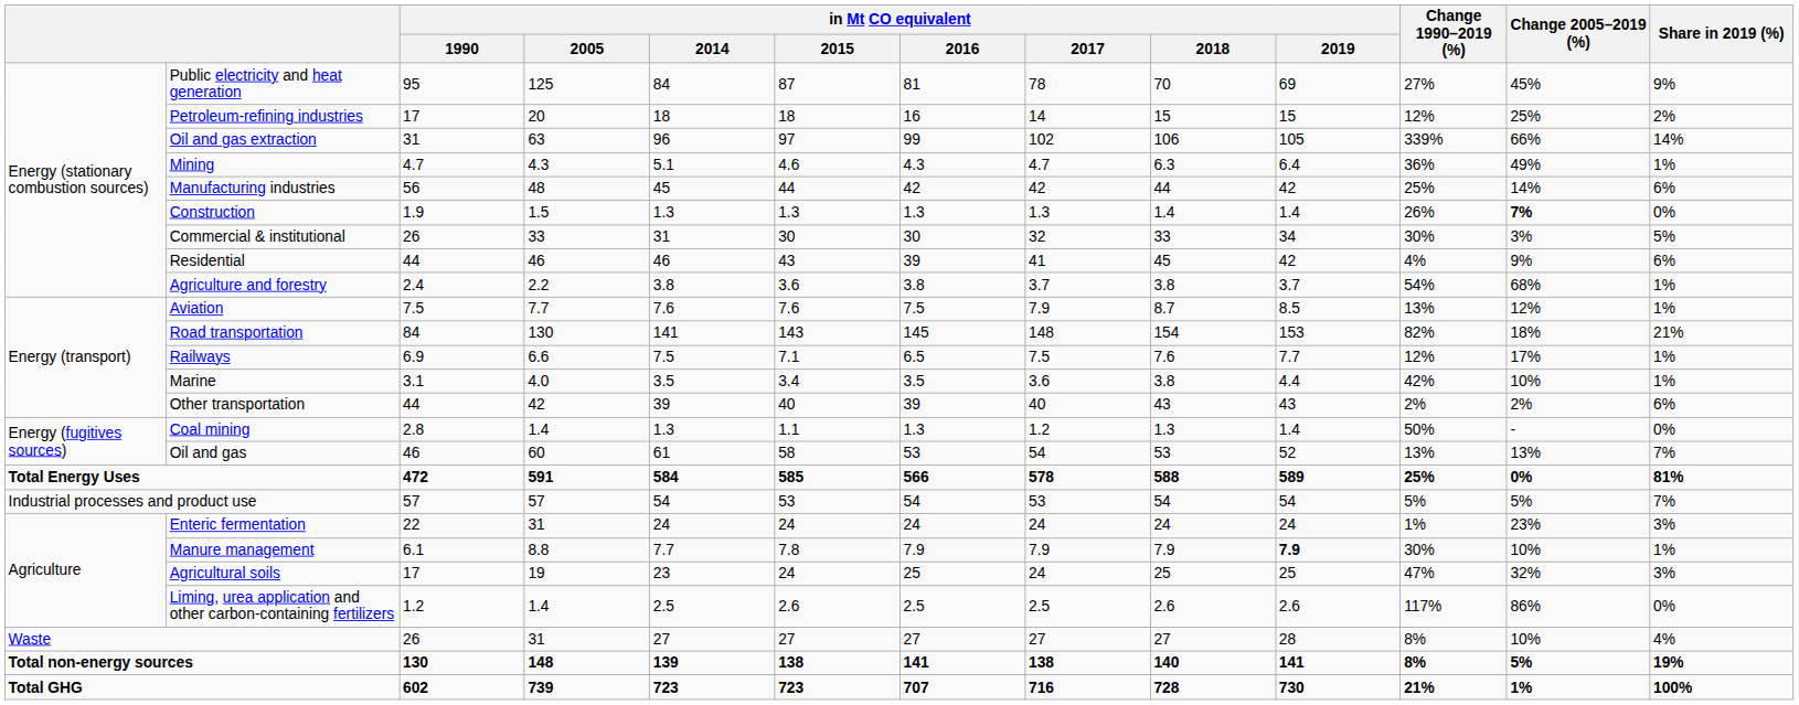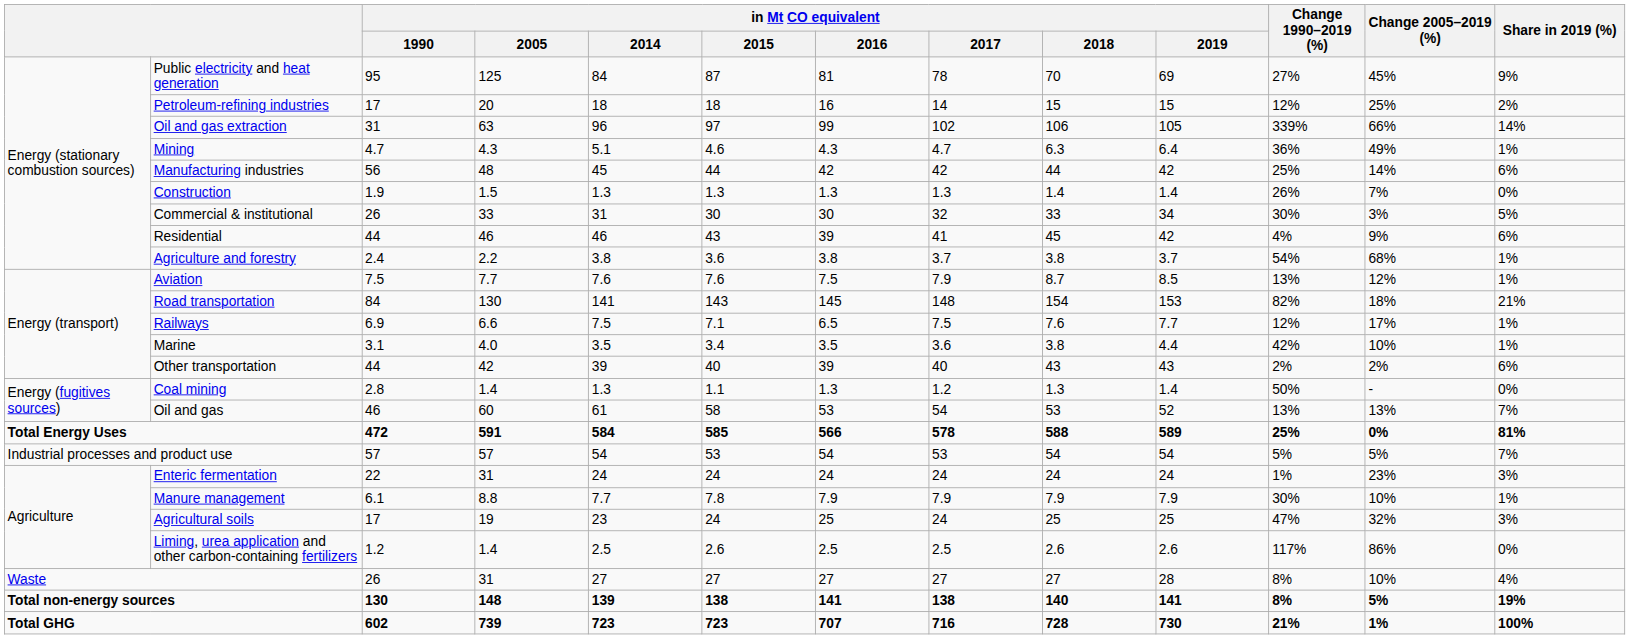 <table class="wikitable centre" style="text-align:left; width:95%;">
 <tr>
 <th colspan="2" rowspan="2"></th>
 <th colspan="8" scope="col" width="56%">in <a href='#'>Mt</a> <a href='#'>CO equivalent</a></th>
 <th rowspan="2">Change 1990–2019 (%)</th>
 <th rowspan="2" scope="col" width="8%">Change 2005–2019 (%)</th>
 <th rowspan="2" scope="col" width="8%">Share in 2019 (%)</th>
 </tr>
 <tr>
 <th scope="col" width="7%">1990</th>
 <th scope="col" width="7%">2005</th>
 <th scope="col" width="7%">2014</th>
 <th scope="col" width="7%">2015</th>
 <th scope="col" width="7%">2016</th>
 <th scope="col" width="7%">2017</th>
 <th scope="col" width="7%">2018</th>
 <th scope="col" width="7%">2019</th>
 </tr>
 <tr>
 <td rowspan="9">Energy (stationary combustion sources)</td>
 <td scope="row" align="left">Public <a href='#'>electricity</a> and <a href='#'>heat generation</a></td>
 <td>95</td>
 <td>125</td>
 <td>84</td>
 <td>87</td>
 <td>81</td>
 <td>78</td>
 <td>70</td>
 <td>69</td>
 <td> 27%</td>
 <td> 45%</td>
 <td>9%</td>
 </tr>
 <tr>
 <td scope="row" align="left"><a href='#'>Petroleum-refining industries</a></td>
 <td>17</td>
 <td>20</td>
 <td>18</td>
 <td>18</td>
 <td>16</td>
 <td>14</td>
 <td>15</td>
 <td>15</td>
 <td> 12%</td>
 <td> 25%</td>
 <td>2%</td>
 </tr>
 <tr>
 <td scope="row" align="left"><a href='#'>Oil and gas extraction</a></td>
 <td>31</td>
 <td>63</td>
 <td>96</td>
 <td>97</td>
 <td>99</td>
 <td>102</td>
 <td>106</td>
 <td>105</td>
 <td> 339%</td>
 <td> 66%</td>
 <td>14%</td>
 </tr>
 <tr>
 <td><a href='#'>Mining</a></td>
 <td>4.7</td>
 <td>4.3</td>
 <td>5.1</td>
 <td>4.6</td>
 <td>4.3</td>
 <td>4.7</td>
 <td>6.3</td>
 <td>6.4</td>
 <td> 36%</td>
 <td> 49%</td>
 <td>1%</td>
 </tr>
 <tr>
 <td><a href='#'>Manufacturing</a> industries</td>
 <td>56</td>
 <td>48</td>
 <td>45</td>
 <td>44</td>
 <td>42</td>
 <td>42</td>
 <td>44</td>
 <td>42</td>
 <td> 25%</td>
 <td> 14%</td>
 <td>6%</td>
 </tr>
 <tr>
 <td><a href='#'>Construction</a></td>
 <td>1.9</td>
 <td>1.5</td>
 <td>1.3</td>
 <td>1.3</td>
 <td>1.3</td>
 <td>1.3</td>
 <td>1.4</td>
 <td>1.4</td>
 <td> 26%</td>
-<td><strong> 7%</strong></td>
+<td> 7%</td>
 <td>0%</td>
 </tr>
 <tr>
 <td scope="row" align="left">Commercial & institutional</td>
 <td>26</td>
 <td>33</td>
 <td>31</td>
 <td>30</td>
 <td>30</td>
 <td>32</td>
 <td>33</td>
 <td>34</td>
 <td> 30%</td>
 <td> 3%</td>
 <td>5%</td>
 </tr>
 <tr>
 <td scope="row" align="left">Residential</td>
 <td>44</td>
 <td>46</td>
 <td>46</td>
 <td>43</td>
 <td>39</td>
 <td>41</td>
 <td>45</td>
 <td>42</td>
 <td> 4%</td>
 <td> 9%</td>
 <td>6%</td>
 </tr>
 <tr>
 <td scope="row" align="left"><a href='#'>Agriculture and forestry</a></td>
 <td>2.4</td>
 <td>2.2</td>
 <td>3.8</td>
 <td>3.6</td>
 <td>3.8</td>
 <td>3.7</td>
 <td>3.8</td>
 <td>3.7</td>
 <td> 54%</td>
 <td> 68%</td>
 <td>1%</td>
 </tr>
 <tr>
 <td rowspan="5">Energy (transport)</td>
 <td scope="row" align="left"><a href='#'>Aviation</a></td>
 <td>7.5</td>
 <td>7.7</td>
 <td>7.6</td>
 <td>7.6</td>
 <td>7.5</td>
 <td>7.9</td>
 <td>8.7</td>
 <td>8.5</td>
 <td> 13%</td>
 <td> 12%</td>
 <td>1%</td>
 </tr>
 <tr>
 <td><a href='#'>Road transportation</a></td>
 <td>84</td>
 <td>130</td>
 <td>141</td>
 <td>143</td>
 <td>145</td>
 <td>148</td>
 <td>154</td>
 <td>153</td>
 <td> 82%</td>
 <td> 18%</td>
 <td>21%</td>
 </tr>
 <tr>
 <td><a href='#'>Railways</a></td>
 <td>6.9</td>
 <td>6.6</td>
 <td>7.5</td>
 <td>7.1</td>
 <td>6.5</td>
 <td>7.5</td>
 <td>7.6</td>
 <td>7.7</td>
 <td> 12%</td>
 <td> 17%</td>
 <td>1%</td>
 </tr>
 <tr>
 <td>Marine</td>
 <td>3.1</td>
 <td>4.0</td>
 <td>3.5</td>
 <td>3.4</td>
 <td>3.5</td>
 <td>3.6</td>
 <td>3.8</td>
 <td>4.4</td>
 <td> 42%</td>
 <td> 10%</td>
 <td>1%</td>
 </tr>
 <tr>
 <td>Other transportation</td>
 <td>44</td>
 <td>42</td>
 <td>39</td>
 <td>40</td>
 <td>39</td>
 <td>40</td>
 <td>43</td>
 <td>43</td>
 <td> 2%</td>
 <td> 2%</td>
 <td>6%</td>
 </tr>
 <tr>
 <td rowspan="2">Energy (<a href='#'>fugitives sources</a>)</td>
 <td><a href='#'>Coal mining</a></td>
 <td>2.8</td>
 <td>1.4</td>
 <td>1.3</td>
 <td>1.1</td>
 <td>1.3</td>
 <td>1.2</td>
 <td>1.3</td>
 <td>1.4</td>
 <td> 50%</td>
 <td>-</td>
 <td>0%</td>
 </tr>
 <tr>
 <td>Oil and gas</td>
 <td>46</td>
 <td>60</td>
 <td>61</td>
 <td>58</td>
 <td>53</td>
 <td>54</td>
 <td>53</td>
 <td>52</td>
 <td> 13%</td>
 <td> 13%</td>
 <td>7%</td>
 </tr>
 <tr>
 <td colspan="2"><strong>Total Energy Uses</strong></td>
 <td><strong>472</strong></td>
 <td><strong>591</strong></td>
 <td><strong>584</strong></td>
 <td><strong>585</strong></td>
 <td><strong>566</strong></td>
 <td><strong>578</strong></td>
 <td><strong>588</strong></td>
 <td><strong>589</strong></td>
 <td><strong> 25%</strong></td>
 <td><strong> 0%</strong></td>
 <td><strong>81%</strong></td>
 </tr>
 <tr>
 <td colspan="2">Industrial processes and product use</td>
 <td>57</td>
 <td>57</td>
 <td>54</td>
 <td>53</td>
 <td>54</td>
 <td>53</td>
 <td>54</td>
 <td>54</td>
 <td> 5%</td>
 <td> 5%</td>
 <td>7%</td>
 </tr>
 <tr>
 <td rowspan="4">Agriculture</td>
 <td><a href='#'>Enteric fermentation</a></td>
 <td>22</td>
 <td>31</td>
 <td>24</td>
 <td>24</td>
 <td>24</td>
 <td>24</td>
 <td>24</td>
 <td>24</td>
 <td> 1%</td>
 <td> 23%</td>
 <td>3%</td>
 </tr>
 <tr>
 <td><a href='#'>Manure management</a></td>
 <td>6.1</td>
 <td>8.8</td>
 <td>7.7</td>
 <td>7.8</td>
 <td>7.9</td>
 <td>7.9</td>
 <td>7.9</td>
-<td><strong>7.9</strong></td>
+<td>7.9</td>
 <td> 30%</td>
 <td> 10%</td>
 <td>1%</td>
 </tr>
 <tr>
 <td><a href='#'>Agricultural soils</a></td>
 <td>17</td>
 <td>19</td>
 <td>23</td>
 <td>24</td>
 <td>25</td>
 <td>24</td>
 <td>25</td>
 <td>25</td>
 <td> 47%</td>
 <td> 32%</td>
 <td>3%</td>
 </tr>
 <tr>
 <td><a href='#'>Liming</a>, <a href='#'>urea application</a> and other carbon-containing <a href='#'>fertilizers</a></td>
 <td>1.2</td>
 <td>1.4</td>
 <td>2.5</td>
 <td>2.6</td>
 <td>2.5</td>
 <td>2.5</td>
 <td>2.6</td>
 <td>2.6</td>
 <td> 117%</td>
 <td> 86%</td>
 <td>0%</td>
 </tr>
 <tr>
 <td colspan="2"><a href='#'>Waste</a></td>
 <td>26</td>
 <td>31</td>
 <td>27</td>
 <td>27</td>
 <td>27</td>
 <td>27</td>
 <td>27</td>
 <td>28</td>
 <td> 8%</td>
 <td> 10%</td>
 <td>4%</td>
 </tr>
 <tr>
 <td colspan="2"><strong>Total non-energy sources</strong></td>
 <td><strong>130</strong></td>
 <td><strong>148</strong></td>
 <td><strong>139</strong></td>
 <td><strong>138</strong></td>
 <td><strong>141</strong></td>
 <td><strong>138</strong></td>
 <td><strong>140</strong></td>
 <td><strong>141</strong></td>
 <td><strong> 8%</strong></td>
 <td><strong> 5%</strong></td>
 <td><strong>19%</strong></td>
 </tr>
 <tr>
 <td colspan="2"><strong>Total GHG</strong></td>
 <td><strong>602</strong></td>
 <td><strong>739</strong></td>
 <td><strong>723</strong></td>
 <td><strong>723</strong></td>
 <td><strong>707</strong></td>
 <td><strong>716</strong></td>
 <td><strong>728</strong></td>
 <td><strong>730</strong></td>
 <td> <strong>21%</strong></td>
 <td> <strong>1%</strong></td>
 <td><strong>100%</strong></td>
 </tr>
 </table>
